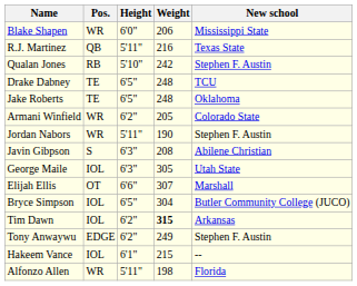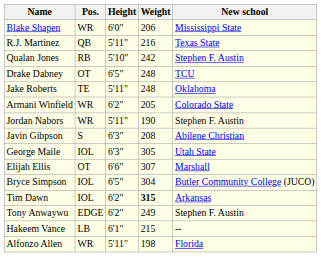 <table class="wikitable sortable">
 <tr>
 <th>Name</th>
 <th>Pos.</th>
 <th>Height</th>
 <th>Weight</th>
 <th class="unsortable">New school</th>
 </tr>
 <tr style="background:#FFFFE6;">
 <td><a href='#'>Blake Shapen</a></td>
 <td>WR</td>
 <td>6'0"</td>
 <td>206</td>
 <td><a href='#'>Mississippi State</a></td>
 </tr>
 <tr style="background:#FFFFE6;">
 <td>R.J. Martinez</td>
 <td>QB</td>
 <td>5'11"</td>
 <td>216</td>
 <td><a href='#'>Texas State</a></td>
 </tr>
 <tr style="background:#FFFFE6;">
 <td>Qualan Jones</td>
 <td>RB</td>
 <td>5'10"</td>
 <td>242</td>
 <td><a href='#'>Stephen F. Austin</a></td>
 </tr>
 <tr style="background:#FFFFE6;">
 <td>Drake Dabney</td>
-<td>TE</td>
+<td>OT</td>
 <td>6'5"</td>
 <td>248</td>
 <td><a href='#'>TCU</a></td>
 </tr>
 <tr style="background:#FFFFE6;">
 <td>Jake Roberts</td>
 <td>TE</td>
-<td>6'5"</td>
+<td>5'11"</td>
 <td>248</td>
 <td><a href='#'>Oklahoma</a></td>
 </tr>
 <tr style="background:#FFFFE6;">
 <td>Armani Winfield</td>
 <td>WR</td>
 <td>6'2"</td>
 <td>205</td>
 <td><a href='#'>Colorado State</a></td>
 </tr>
 <tr style="background:#FFFFE6;">
 <td>Jordan Nabors</td>
 <td>WR</td>
 <td>5'11"</td>
 <td>190</td>
 <td>Stephen F. Austin</td>
 </tr>
 <tr style="background:#FFFFE6;">
 <td>Javin Gibpson</td>
 <td>S</td>
 <td>6'3"</td>
 <td>208</td>
 <td><a href='#'>Abilene Christian</a></td>
 </tr>
 <tr style="background:#FFFFE6;">
 <td>George Maile</td>
 <td>IOL</td>
 <td>6'3"</td>
 <td>305</td>
 <td><a href='#'>Utah State</a></td>
 </tr>
 <tr style="background:#FFFFE6;">
 <td>Elijah Ellis</td>
 <td>OT</td>
 <td>6'6"</td>
 <td>307</td>
 <td><a href='#'>Marshall</a></td>
 </tr>
 <tr style="background:#FFFFE6;">
 <td>Bryce Simpson</td>
 <td>IOL</td>
 <td>6'5"</td>
 <td>304</td>
 <td><a href='#'>Butler Community College</a> (JUCO)</td>
 </tr>
 <tr style="background:#FFFFE6;">
 <td>Tim Dawn</td>
 <td>IOL</td>
 <td>6'2"</td>
 <td><strong>315</strong></td>
 <td><a href='#'>Arkansas</a></td>
 </tr>
 <tr style="background:#FFFFE6;">
 <td>Tony Anwaywu</td>
 <td>EDGE</td>
 <td>6'2"</td>
 <td>249</td>
 <td>Stephen F. Austin</td>
 </tr>
 <tr style="background:#FFFFE6;">
 <td>Hakeem Vance</td>
-<td>IOL</td>
+<td>LB</td>
 <td>6'1"</td>
 <td>215</td>
 <td>--</td>
 </tr>
 <tr style="background:#FFFFE6;">
 <td>Alfonzo Allen</td>
 <td>WR</td>
 <td>5'11"</td>
 <td>198</td>
 <td><a href='#'>Florida</a></td>
 </tr>
 </table>
